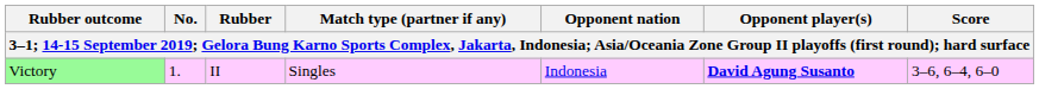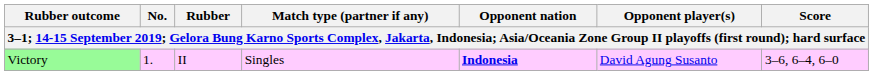 <table class="wikitable" style="font-size:90%">
 <tr>
 <th>Rubber outcome</th>
 <th>No.</th>
 <th>Rubber</th>
 <th>Match type (partner if any)</th>
 <th>Opponent nation</th>
 <th>Opponent player(s)</th>
 <th>Score</th>
 </tr>
 <tr>
 <th colspan=7>3–1; <a href='#'>14-15 September 2019</a>; <a href='#'>Gelora Bung Karno Sports Complex</a>, <a href='#'>Jakarta</a>, Indonesia; Asia/Oceania Zone Group II playoffs (first round); hard surface</th>
 </tr>
 <tr bgcolor=#FFCCFF>
 <td bgcolor=98FB98>Victory</td>
 <td>1.</td>
 <td>II</td>
 <td>Singles</td>
-<td> <a href='#'>Indonesia</a></td>
-<td><strong><a href='#'>David Agung Susanto</a></strong></td>
+<td><strong> <a href='#'>Indonesia</a></strong></td>
+<td><a href='#'>David Agung Susanto</a></td>
 <td>3–6, 6–4, 6–0</td>
 </tr>
 </table>
